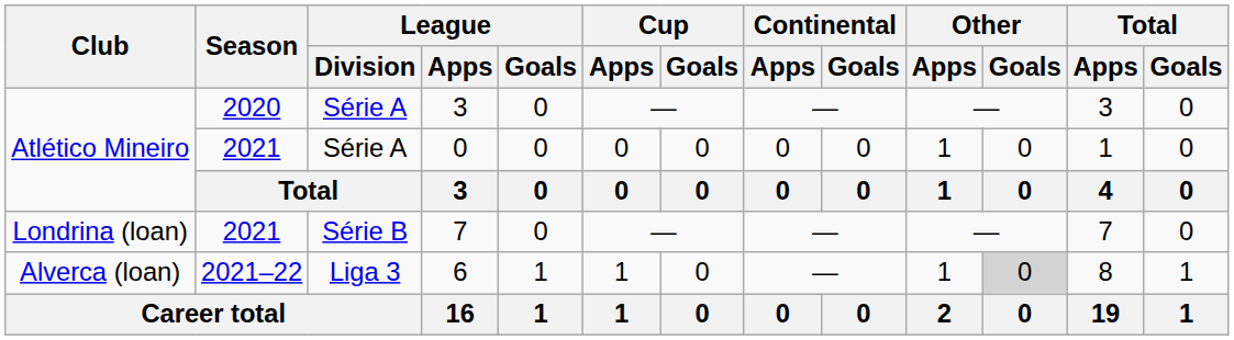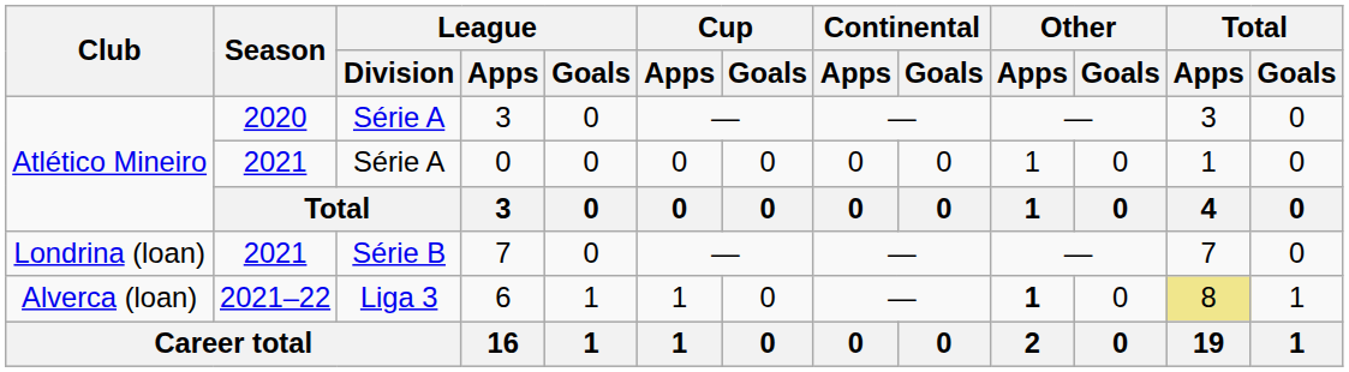 <table class="wikitable" style="text-align: center;">
 <tr>
 <th rowspan="2">Club</th>
 <th rowspan="2">Season</th>
 <th colspan="3">League</th>
 <th colspan="2">Cup</th>
 <th colspan="2">Continental</th>
 <th colspan="2">Other</th>
 <th colspan="2">Total</th>
 </tr>
 <tr>
 <th>Division</th>
 <th>Apps</th>
 <th>Goals</th>
 <th>Apps</th>
 <th>Goals</th>
 <th>Apps</th>
 <th>Goals</th>
 <th>Apps</th>
 <th>Goals</th>
 <th>Apps</th>
 <th>Goals</th>
 </tr>
 <tr>
 <td rowspan=3><a href='#'>Atlético Mineiro</a></td>
 <td><a href='#'>2020</a></td>
 <td><a href='#'>Série A</a></td>
 <td>3</td>
 <td>0</td>
 <td colspan="2">—</td>
 <td colspan="2">—</td>
 <td colspan="2">—</td>
 <td>3</td>
 <td>0</td>
 </tr>
 <tr>
 <td><a href='#'>2021</a></td>
 <td>Série A</td>
 <td>0</td>
 <td>0</td>
 <td>0</td>
 <td>0</td>
 <td>0</td>
 <td>0</td>
 <td>1</td>
 <td>0</td>
 <td>1</td>
 <td>0</td>
 </tr>
 <tr>
 <th colspan="2">Total</th>
 <th>3</th>
 <th>0</th>
 <th>0</th>
 <th>0</th>
 <th>0</th>
 <th>0</th>
 <th>1</th>
 <th>0</th>
 <th>4</th>
 <th>0</th>
 </tr>
 <tr>
 <td><a href='#'>Londrina</a> (loan)</td>
 <td><a href='#'>2021</a></td>
 <td><a href='#'>Série B</a></td>
 <td>7</td>
 <td>0</td>
 <td colspan="2">—</td>
 <td colspan="2">—</td>
 <td colspan="2">—</td>
 <td>7</td>
 <td>0</td>
 </tr>
 <tr>
 <td><a href='#'>Alverca</a> (loan)</td>
 <td><a href='#'>2021–22</a></td>
 <td><a href='#'>Liga 3</a></td>
 <td>6</td>
 <td>1</td>
 <td>1</td>
 <td>0</td>
 <td colspan="2">—</td>
-<td>1</td>
-<td style="background: lightgrey;">0</td>
-<td>8</td>
+<td><strong>1</strong></td>
+<td>0</td>
+<td style="background: khaki;">8</td>
 <td>1</td>
 </tr>
 <tr>
 <th colspan="3">Career total</th>
 <th>16</th>
 <th>1</th>
 <th>1</th>
 <th>0</th>
 <th>0</th>
 <th>0</th>
 <th>2</th>
 <th>0</th>
 <th>19</th>
 <th>1</th>
 </tr>
 </table>
